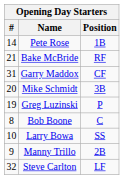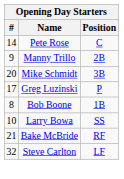 <table class="wikitable" style="text-align:center">
 <tr>
 <th colspan="3">Opening Day Starters</th>
 </tr>
 <tr>
 <th>#</th>
 <th>Name</th>
 <th>Position</th>
 </tr>
 <tr>
 <td>14</td>
 <td><a href='#'>Pete Rose</a></td>
+<td><a href='#'>C</a></td>
+</tr>
+<tr>
+<td>9</td>
+<td><a href='#'>Manny Trillo</a></td>
+<td><a href='#'>2B</a></td>
+</tr>
+<tr>
+<td>20</td>
+<td><a href='#'>Mike Schmidt</a></td>
+<td><a href='#'>3B</a></td>
+</tr>
+<tr>
+<td>17</td>
+<td><a href='#'>Greg Luzinski</a></td>
+<td><a href='#'>P</a></td>
+</tr>
+<tr>
+<td>8</td>
+<td><a href='#'>Bob Boone</a></td>
 <td><a href='#'>1B</a></td>
+</tr>
+<tr>
+<td>10</td>
+<td><a href='#'>Larry Bowa</a></td>
+<td><a href='#'>SS</a></td>
 </tr>
 <tr>
 <td>21</td>
 <td><a href='#'>Bake McBride</a></td>
 <td><a href='#'>RF</a></td>
 </tr>
 <tr>
-<td>31</td>
-<td><a href='#'>Garry Maddox</a></td>
-<td><a href='#'>CF</a></td>
-</tr>
-<tr>
-<td>20</td>
-<td><a href='#'>Mike Schmidt</a></td>
-<td><a href='#'>3B</a></td>
-</tr>
-<tr>
-<td>19</td>
-<td><a href='#'>Greg Luzinski</a></td>
-<td><a href='#'>P</a></td>
-</tr>
-<tr>
-<td>8</td>
-<td><a href='#'>Bob Boone</a></td>
-<td><a href='#'>C</a></td>
-</tr>
-<tr>
-<td>10</td>
-<td><a href='#'>Larry Bowa</a></td>
-<td><a href='#'>SS</a></td>
-</tr>
-<tr>
-<td>9</td>
-<td><a href='#'>Manny Trillo</a></td>
-<td><a href='#'>2B</a></td>
-</tr>
-<tr>
 <td>32</td>
 <td><a href='#'>Steve Carlton</a></td>
 <td><a href='#'>LF</a></td>
 </tr>
 </table>
